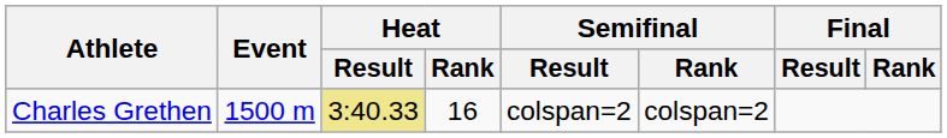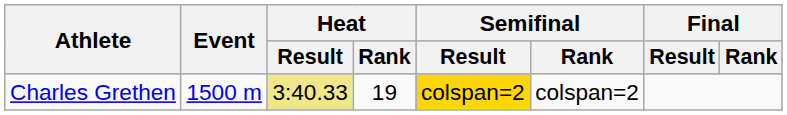 <table class="wikitable" style="font-size:90%">
 <tr>
 <th rowspan="2">Athlete</th>
 <th rowspan="2">Event</th>
 <th colspan="2">Heat</th>
 <th colspan="2">Semifinal</th>
 <th colspan="2">Final</th>
 </tr>
 <tr style="font-size:95%">
 <th>Result</th>
 <th>Rank</th>
 <th>Result</th>
 <th>Rank</th>
 <th>Result</th>
 <th>Rank</th>
 </tr>
 <tr align=center>
 <td align=left><a href='#'>Charles Grethen</a></td>
 <td align=left><a href='#'>1500 m</a></td>
 <td style="background: khaki;">3:40.33</td>
-<td>16</td>
-<td>colspan=2 </td>
+<td>19</td>
+<td style="background: gold;">colspan=2 </td>
 <td>colspan=2 </td>
 </tr>
 </table>
